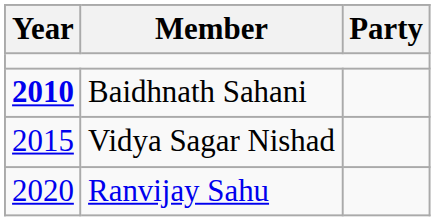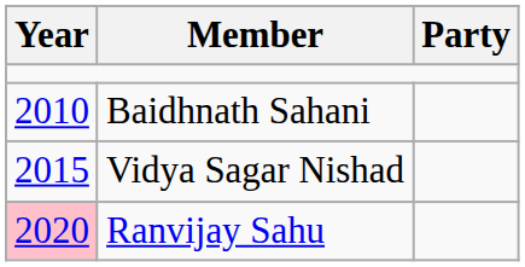 <table class="wikitable sortable">
 <tr>
 <th>Year</th>
 <th>Member</th>
 <th colspan="2">Party</th>
 </tr>
 <tr>
 <td colspan="4"></td>
 </tr>
 <tr>
-<td><strong><a href='#'>2010</a></strong></td>
+<td><a href='#'>2010</a></td>
 <td>Baidhnath Sahani</td>
 <td></td>
 </tr>
 <tr>
 <td><a href='#'>2015</a></td>
 <td>Vidya Sagar Nishad</td>
 </tr>
 <tr>
-<td><a href='#'>2020</a></td>
+<td style="background: pink;"><a href='#'>2020</a></td>
 <td><a href='#'>Ranvijay Sahu</a></td>
 <td></td>
 </tr>
 </table>
